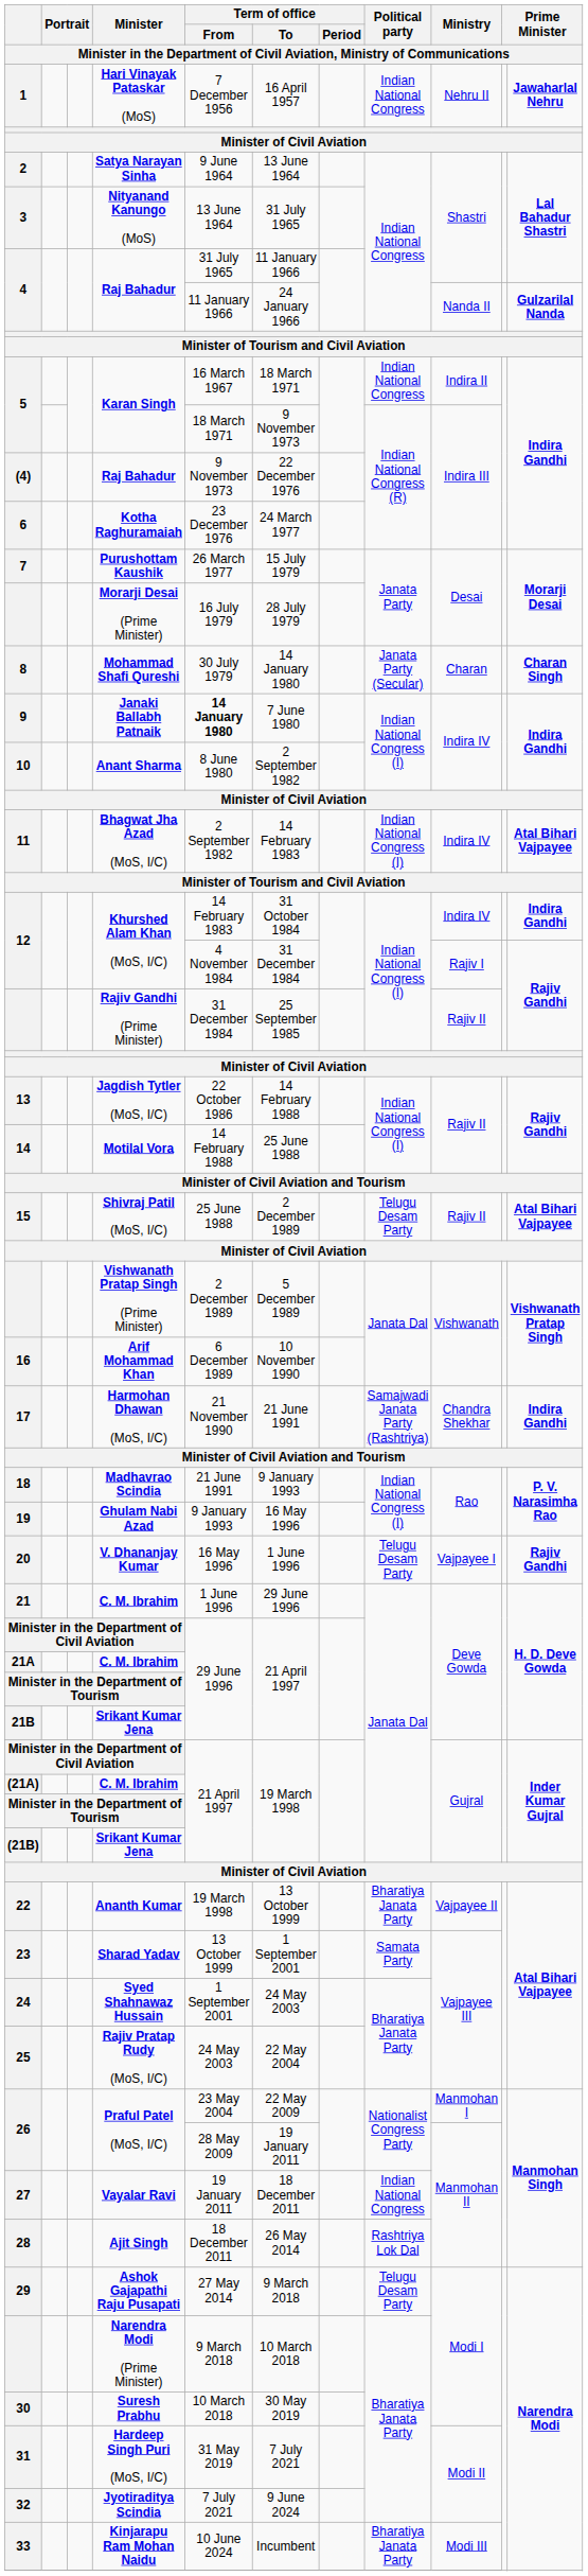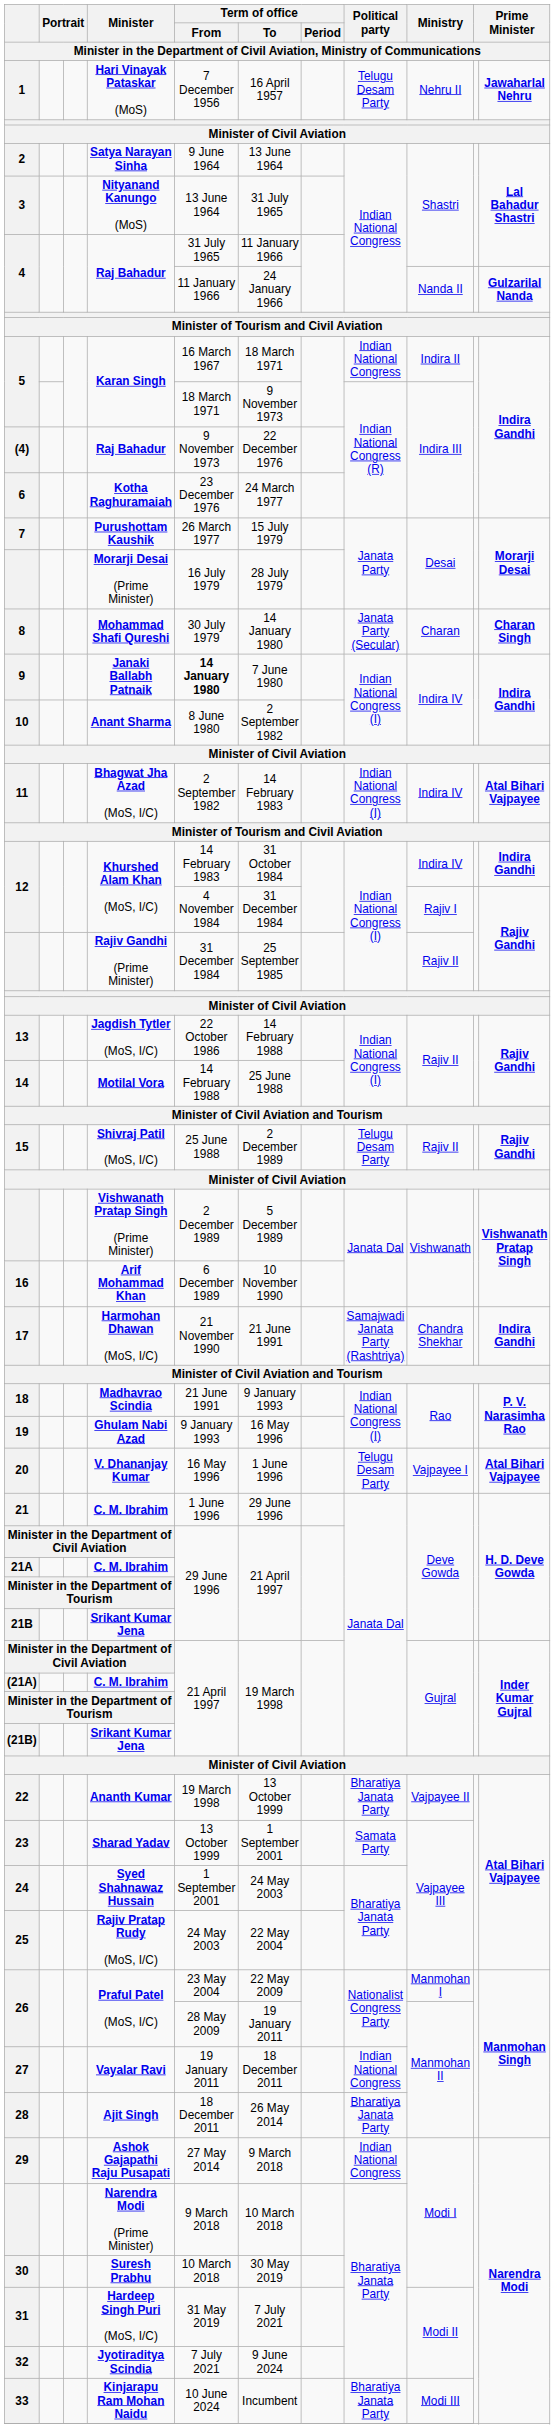 <table class="wikitable" style="text-align:center">
 <tr>
 <th rowspan="2"></th>
 <th rowspan="2" colspan="2">Portrait</th>
 <th rowspan="2" style="width:18em">Minister<br></th>
 <th colspan="3">Term of office</th>
 <th rowspan="2" style="width:8em">Political party</th>
 <th rowspan="2" style="width:6em">Ministry</th>
 <th rowspan="2" colspan="2">Prime Minister</th>
 </tr>
 <tr>
 <th style="width:8em">From</th>
 <th style="width:8em">To</th>
 <th style="width:6em">Period</th>
 </tr>
 <tr>
 <th colspan="11">Minister in the Department of Civil Aviation, Ministry of Communications</th>
 </tr>
 <tr>
 <th>1</th>
 <td style="background:"></td>
 <td></td>
 <td><strong><a href='#'>Hari Vinayak Pataskar</a></strong><br><br>(MoS)</td>
 <td>7 December<br>1956</td>
 <td>16 April<br>1957</td>
 <td><strong></strong></td>
-<td><a href='#'>Indian National Congress</a></td>
+<td><a href='#'>Telugu Desam Party</a></td>
 <td><a href='#'>Nehru II</a></td>
 <td style="background:"></td>
 <td style="width:9em"><strong><a href='#'>Jawaharlal Nehru</a></strong></td>
 </tr>
 <tr>
 <th colspan="11"></th>
 </tr>
 <tr>
 <th colspan="11">Minister of Civil Aviation</th>
 </tr>
 <tr>
 <th>2</th>
 <td style="background:"></td>
 <td></td>
 <td><strong><a href='#'>Satya Narayan Sinha</a></strong><br></td>
 <td>9 June<br>1964</td>
 <td>13 June<br>1964</td>
 <td><strong></strong></td>
 <td rowspan="4"><a href='#'>Indian National Congress</a></td>
 <td rowspan="3"><a href='#'>Shastri</a></td>
 <td rowspan="3" style="background:"></td>
 <td rowspan="3"><strong><a href='#'>Lal Bahadur Shastri</a></strong></td>
 </tr>
 <tr>
 <th>3</th>
 <td style="background:"></td>
 <td></td>
 <td><strong><a href='#'>Nityanand Kanungo</a></strong><br><br>(MoS)</td>
 <td>13 June<br>1964</td>
 <td>31 July<br>1965</td>
 <td><strong></strong></td>
 </tr>
 <tr>
 <th rowspan="2">4</th>
 <td rowspan="2" style="background:"></td>
 <td rowspan="2"></td>
 <td rowspan="2"><strong><a href='#'>Raj Bahadur</a></strong><br></td>
 <td>31 July<br>1965</td>
 <td>11 January<br>1966</td>
 <td rowspan="2"><strong></strong></td>
 </tr>
 <tr>
 <td>11 January<br>1966</td>
 <td>24 January<br>1966</td>
 <td><a href='#'>Nanda II</a></td>
 <td style="background:"></td>
 <td><strong><a href='#'>Gulzarilal Nanda</a></strong></td>
 </tr>
 <tr>
 <th colspan="11"></th>
 </tr>
 <tr>
 <th colspan="11">Minister of Tourism and Civil Aviation</th>
 </tr>
 <tr>
 <th rowspan="2">5</th>
 <td style="background:"></td>
 <td rowspan="2"></td>
 <td rowspan="2"><strong><a href='#'>Karan Singh</a></strong><br></td>
 <td>16 March<br>1967</td>
 <td>18 March<br>1971</td>
 <td rowspan="2"><strong></strong></td>
 <td><a href='#'>Indian National Congress</a></td>
 <td><a href='#'>Indira II</a></td>
 <td rowspan="4" style="background:"></td>
 <td rowspan="4"><strong><a href='#'>Indira Gandhi</a></strong></td>
 </tr>
 <tr>
 <td style="background:"></td>
 <td>18 March<br>1971</td>
 <td>9 November<br>1973</td>
 <td rowspan="3"><a href='#'>Indian National Congress (R)</a></td>
 <td rowspan="3"><a href='#'>Indira III</a></td>
 </tr>
 <tr>
 <th>(4)</th>
 <td style="background:"></td>
 <td></td>
 <td><strong><a href='#'>Raj Bahadur</a></strong><br></td>
 <td>9 November<br>1973</td>
 <td>22 December<br>1976</td>
 <td><strong></strong></td>
 </tr>
 <tr>
 <th>6</th>
 <td style="background:"></td>
 <td></td>
 <td><strong><a href='#'>Kotha Raghuramaiah</a></strong><br></td>
 <td>23 December<br>1976</td>
 <td>24 March<br>1977</td>
 <td><strong></strong></td>
 </tr>
 <tr>
 <th>7</th>
 <td style="background:"></td>
 <td></td>
 <td><strong><a href='#'>Purushottam Kaushik</a></strong><br></td>
 <td>26 March<br>1977</td>
 <td>15 July<br>1979</td>
 <td><strong></strong></td>
 <td rowspan="2"><a href='#'>Janata Party</a></td>
 <td rowspan="2"><a href='#'>Desai</a></td>
 <td rowspan="2" style="background:"></td>
 <td rowspan="2"><strong><a href='#'>Morarji Desai</a></strong></td>
 </tr>
 <tr>
 <th></th>
 <td style="background:"></td>
 <td></td>
 <td><strong><a href='#'>Morarji Desai</a></strong><br><br>(Prime Minister)</td>
 <td>16 July<br>1979</td>
 <td>28 July<br>1979</td>
 <td><strong></strong></td>
 </tr>
 <tr>
 <th>8</th>
 <td style="background:"></td>
 <td></td>
 <td><strong><a href='#'>Mohammad Shafi Qureshi</a></strong><br></td>
 <td>30 July<br>1979</td>
 <td>14 January<br>1980</td>
 <td><strong></strong></td>
 <td><a href='#'>Janata Party (Secular)</a></td>
 <td><a href='#'>Charan</a></td>
 <td style="background:"></td>
 <td><strong><a href='#'>Charan Singh</a></strong></td>
 </tr>
 <tr>
 <th>9</th>
 <td style="background:"></td>
 <td></td>
 <td><strong><a href='#'>Janaki Ballabh Patnaik</a></strong><br></td>
 <td><strong>14 January<br>1980</strong></td>
 <td>7 June<br>1980</td>
 <td><strong></strong></td>
 <td rowspan="2"><a href='#'>Indian National Congress (I)</a></td>
 <td rowspan="2"><a href='#'>Indira IV</a></td>
 <td rowspan="2" style="background:"></td>
 <td rowspan="2"><strong><a href='#'>Indira Gandhi</a></strong></td>
 </tr>
 <tr>
 <th>10</th>
 <td style="background:"></td>
 <td></td>
 <td><strong><a href='#'>Anant Sharma</a></strong><br></td>
 <td>8 June<br>1980</td>
 <td>2 September<br>1982</td>
 <td><strong></strong></td>
 </tr>
 <tr>
 <th colspan="11">Minister of Civil Aviation</th>
 </tr>
 <tr>
 <th>11</th>
 <td style="background:"></td>
 <td></td>
 <td><strong><a href='#'>Bhagwat Jha Azad</a></strong><br><br>(MoS, I/C)</td>
 <td>2 September<br>1982</td>
 <td>14 February<br>1983</td>
 <td><strong></strong></td>
 <td><a href='#'>Indian National Congress (I)</a></td>
 <td><a href='#'>Indira IV</a></td>
 <td style="background:"></td>
 <td><strong><a href='#'>Atal Bihari Vajpayee</a></strong></td>
 </tr>
 <tr>
 <th colspan="11">Minister of Tourism and Civil Aviation</th>
 </tr>
 <tr>
 <th rowspan="2">12</th>
 <td rowspan="2" style="background:"></td>
 <td rowspan="2"></td>
 <td rowspan="2"><strong><a href='#'>Khurshed Alam Khan</a></strong><br><br>(MoS, I/C)</td>
 <td>14 February<br>1983</td>
 <td>31 October<br>1984</td>
 <td rowspan="2"><strong></strong></td>
 <td rowspan="3"><a href='#'>Indian National Congress (I)</a></td>
 <td><a href='#'>Indira IV</a></td>
 <td style="background:"></td>
 <td><strong><a href='#'>Indira Gandhi</a></strong></td>
 </tr>
 <tr>
 <td>4 November<br>1984</td>
 <td>31 December<br>1984</td>
 <td><a href='#'>Rajiv I</a></td>
 <td rowspan="2" style="background:"></td>
 <td rowspan="2"><strong><a href='#'>Rajiv Gandhi</a></strong></td>
 </tr>
 <tr>
 <th></th>
 <td style="background:"></td>
 <td></td>
 <td><strong><a href='#'>Rajiv Gandhi</a></strong><br><br>(Prime Minister)</td>
 <td>31 December<br>1984</td>
 <td>25 September<br>1985</td>
 <td><strong></strong></td>
 <td><a href='#'>Rajiv II</a></td>
 </tr>
 <tr>
 <th colspan="11"></th>
 </tr>
 <tr>
 <th colspan="11">Minister of Civil Aviation</th>
 </tr>
 <tr>
 <th>13</th>
 <td style="background:"></td>
 <td></td>
 <td><strong><a href='#'>Jagdish Tytler</a></strong><br><br>(MoS, I/C)</td>
 <td>22 October<br>1986</td>
 <td>14 February<br>1988</td>
 <td><strong></strong></td>
 <td rowspan="2"><a href='#'>Indian National Congress (I)</a></td>
 <td rowspan="2"><a href='#'>Rajiv II</a></td>
 <td rowspan="2" style="background:"></td>
 <td rowspan="2"><strong><a href='#'>Rajiv Gandhi</a></strong></td>
 </tr>
 <tr>
 <th>14</th>
 <td style="background:"></td>
 <td></td>
 <td><strong><a href='#'>Motilal Vora</a></strong><br></td>
 <td>14 February<br>1988</td>
 <td>25 June<br>1988</td>
 <td><strong></strong></td>
 </tr>
 <tr>
 <th colspan="11">Minister of Civil Aviation and Tourism</th>
 </tr>
 <tr>
 <th>15</th>
 <td style="background:"></td>
 <td></td>
 <td><strong><a href='#'>Shivraj Patil</a></strong><br><br>(MoS, I/C)</td>
 <td>25 June<br>1988</td>
 <td>2 December<br>1989</td>
 <td><strong></strong></td>
 <td><a href='#'>Telugu Desam Party</a></td>
 <td><a href='#'>Rajiv II</a></td>
 <td style="background:"></td>
-<td><strong><a href='#'>Atal Bihari Vajpayee</a></strong></td>
+<td><strong><a href='#'>Rajiv Gandhi</a></strong></td>
 </tr>
 <tr>
 <th colspan="11">Minister of Civil Aviation</th>
 </tr>
 <tr>
 <th></th>
 <td style="background:"></td>
 <td></td>
 <td><strong><a href='#'>Vishwanath Pratap Singh</a></strong><br><br>(Prime Minister)</td>
 <td>2 December<br>1989</td>
 <td>5 December<br>1989</td>
 <td><strong></strong></td>
 <td rowspan="2"><a href='#'>Janata Dal</a></td>
 <td rowspan="2"><a href='#'>Vishwanath</a></td>
 <td rowspan="2" style="background:"></td>
 <td rowspan="2"><strong><a href='#'>Vishwanath Pratap Singh</a></strong></td>
 </tr>
 <tr>
 <th>16</th>
 <td style="background:"></td>
 <td></td>
 <td><strong><a href='#'>Arif Mohammad Khan</a></strong><br></td>
 <td>6 December<br>1989</td>
 <td>10 November<br>1990</td>
 <td><strong></strong></td>
 </tr>
 <tr>
 <th>17</th>
 <td style="background:"></td>
 <td></td>
 <td><strong><a href='#'>Harmohan Dhawan</a></strong><br><br>(MoS, I/C)</td>
 <td>21 November<br>1990</td>
 <td>21 June<br>1991</td>
 <td><strong></strong></td>
 <td><a href='#'>Samajwadi Janata Party (Rashtriya)</a></td>
 <td><a href='#'>Chandra Shekhar</a></td>
 <td style="background:"></td>
 <td><strong><a href='#'>Indira Gandhi</a></strong></td>
 </tr>
 <tr>
 <th colspan="11">Minister of Civil Aviation and Tourism</th>
 </tr>
 <tr>
 <th>18</th>
 <td style="background:"></td>
 <td></td>
 <td><strong><a href='#'>Madhavrao Scindia</a></strong><br></td>
 <td>21 June<br>1991</td>
 <td>9 January<br>1993</td>
 <td><strong></strong></td>
 <td rowspan="2"><a href='#'>Indian National Congress (I)</a></td>
 <td rowspan="2"><a href='#'>Rao</a></td>
 <td rowspan="2" style="background:"></td>
 <td rowspan="2"><strong><a href='#'>P. V. Narasimha Rao</a></strong></td>
 </tr>
 <tr>
 <th>19</th>
 <td style="background:"></td>
 <td></td>
 <td><strong><a href='#'>Ghulam Nabi Azad</a></strong><br></td>
 <td>9 January<br>1993</td>
 <td>16 May<br>1996</td>
 <td><strong></strong></td>
 </tr>
 <tr>
 <th>20</th>
 <td style="background:"></td>
 <td></td>
 <td><strong><a href='#'>V. Dhananjay Kumar</a></strong><br></td>
 <td>16 May<br>1996</td>
 <td>1 June<br>1996</td>
 <td><strong></strong></td>
 <td><a href='#'>Telugu Desam Party</a></td>
 <td><a href='#'>Vajpayee I</a></td>
 <td style="background:"></td>
-<td><strong><a href='#'>Rajiv Gandhi</a></strong></td>
+<td><strong><a href='#'>Atal Bihari Vajpayee</a></strong></td>
 </tr>
 <tr>
 <th>21</th>
 <td style="background:"></td>
 <td></td>
 <td><strong><a href='#'>C. M. Ibrahim</a></strong><br></td>
 <td>1 June<br>1996</td>
 <td>29 June<br>1996</td>
 <td><strong></strong></td>
 <td rowspan="9"><a href='#'>Janata Dal</a></td>
 <td rowspan="5"><a href='#'>Deve Gowda</a></td>
 <td rowspan="5" style="background:"></td>
 <td rowspan="5"><strong><a href='#'>H. D. Deve Gowda</a></strong></td>
 </tr>
 <tr>
 <th colspan="4">Minister in the Department of Civil Aviation</th>
 <td rowspan="4">29 June<br>1996</td>
 <td rowspan="4">21 April<br>1997</td>
 <td rowspan="4"><strong></strong></td>
 </tr>
 <tr>
 <th>21A</th>
 <td style="background:"></td>
 <td></td>
 <td><strong><a href='#'>C. M. Ibrahim</a></strong><br></td>
 </tr>
 <tr>
 <th colspan="4">Minister in the Department of Tourism</th>
 </tr>
 <tr>
 <th>21B</th>
 <td style="background:"></td>
 <td></td>
 <td><strong><a href='#'>Srikant Kumar Jena</a></strong><br></td>
 </tr>
 <tr>
 <th colspan="4">Minister in the Department of Civil Aviation</th>
 <td rowspan="4">21 April<br>1997</td>
 <td rowspan="4">19 March<br>1998</td>
 <td rowspan="4"><strong></strong></td>
 <td rowspan="4"><a href='#'>Gujral</a></td>
 <td rowspan="4" style="background:"></td>
 <td rowspan="4"><strong><a href='#'>Inder Kumar Gujral</a></strong></td>
 </tr>
 <tr>
 <th>(21A)</th>
 <td style="background:"></td>
 <td></td>
 <td><strong><a href='#'>C. M. Ibrahim</a></strong><br></td>
 </tr>
 <tr>
 <th colspan="4">Minister in the Department of Tourism</th>
 </tr>
 <tr>
 <th>(21B)</th>
 <td style="background:"></td>
 <td></td>
 <td><strong><a href='#'>Srikant Kumar Jena</a></strong><br></td>
 </tr>
 <tr>
 <th colspan="11">Minister of Civil Aviation</th>
 </tr>
 <tr>
 <th>22</th>
 <td style="background:"></td>
 <td></td>
 <td><strong><a href='#'>Ananth Kumar</a></strong><br></td>
 <td>19 March<br>1998</td>
 <td>13 October<br>1999</td>
 <td><strong></strong></td>
 <td><a href='#'>Bharatiya Janata Party</a></td>
 <td><a href='#'>Vajpayee II</a></td>
 <td rowspan="4" style="background:"></td>
 <td rowspan="4"><strong><a href='#'>Atal Bihari Vajpayee</a></strong></td>
 </tr>
 <tr>
 <th>23</th>
 <td style="background:"></td>
 <td></td>
 <td><strong><a href='#'>Sharad Yadav</a></strong><br></td>
 <td>13 October<br>1999</td>
 <td>1 September<br>2001</td>
 <td><strong></strong></td>
 <td><a href='#'>Samata Party</a></td>
 <td rowspan="3"><a href='#'>Vajpayee III</a></td>
 </tr>
 <tr>
 <th>24</th>
 <td style="background:"></td>
 <td></td>
 <td><strong><a href='#'>Syed Shahnawaz Hussain</a></strong><br></td>
 <td>1 September<br>2001</td>
 <td>24 May<br>2003</td>
 <td><strong></strong></td>
 <td rowspan="2"><a href='#'>Bharatiya Janata Party</a></td>
 </tr>
 <tr>
 <th>25</th>
 <td style="background:"></td>
 <td></td>
 <td><strong><a href='#'>Rajiv Pratap Rudy</a></strong><br><br>(MoS, I/C)</td>
 <td>24 May<br>2003</td>
 <td>22 May<br>2004</td>
 <td><strong></strong></td>
 </tr>
 <tr>
 <th rowspan="2">26</th>
 <td rowspan="2" style="background:"></td>
 <td rowspan="2"></td>
 <td rowspan="2"><strong><a href='#'>Praful Patel</a></strong><br><br>(MoS, I/C)</td>
 <td>23 May<br>2004</td>
 <td>22 May<br>2009</td>
 <td rowspan="2"><strong></strong></td>
 <td rowspan="2"><a href='#'>Nationalist Congress Party</a></td>
 <td><a href='#'>Manmohan I</a></td>
 <td rowspan="4" style="background:"></td>
 <td rowspan="4"><strong><a href='#'>Manmohan Singh</a></strong></td>
 </tr>
 <tr>
 <td>28 May<br>2009</td>
 <td>19 January<br>2011</td>
 <td rowspan="3"><a href='#'>Manmohan II</a></td>
 </tr>
 <tr>
 <th>27</th>
 <td style="background:"></td>
 <td></td>
 <td><strong><a href='#'>Vayalar Ravi</a></strong><br></td>
 <td>19 January<br>2011</td>
 <td>18 December<br>2011</td>
 <td><strong></strong></td>
 <td><a href='#'>Indian National Congress</a></td>
 </tr>
 <tr>
 <th>28</th>
 <td style="background:"></td>
 <td></td>
 <td><strong><a href='#'>Ajit Singh</a></strong><br></td>
 <td>18 December<br>2011</td>
 <td>26 May<br>2014</td>
 <td><strong></strong></td>
-<td><a href='#'>Rashtriya Lok Dal</a></td>
+<td><a href='#'>Bharatiya Janata Party</a></td>
 </tr>
 <tr>
 <th>29</th>
 <td style="background:"></td>
 <td></td>
 <td><strong><a href='#'>Ashok Gajapathi Raju Pusapati</a></strong><br></td>
 <td>27 May<br>2014</td>
 <td>9 March<br>2018</td>
 <td><strong></strong></td>
-<td><a href='#'>Telugu Desam Party</a></td>
+<td><a href='#'>Indian National Congress</a></td>
 <td rowspan="3"><a href='#'>Modi I</a></td>
 <td rowspan="7" style="background:"></td>
 <td rowspan="7"><strong><a href='#'>Narendra Modi</a></strong></td>
 </tr>
 <tr>
 <th></th>
 <td style="background:"></td>
 <td></td>
 <td><strong><a href='#'>Narendra Modi</a></strong><br><br>(Prime Minister)</td>
 <td>9 March<br>2018</td>
 <td>10 March<br>2018</td>
 <td><strong></strong></td>
 <td rowspan="4"><a href='#'>Bharatiya Janata Party</a></td>
 </tr>
 <tr>
 <th>30</th>
 <td style="background:"></td>
 <td></td>
 <td><strong><a href='#'>Suresh Prabhu</a></strong><br></td>
 <td>10 March<br>2018</td>
 <td>30 May<br>2019</td>
 <td><strong></strong></td>
 </tr>
 <tr>
 <th>31</th>
 <td style="background:"></td>
 <td></td>
 <td><strong><a href='#'>Hardeep Singh Puri</a></strong><br><br>(MoS, I/C)</td>
 <td>31 May<br>2019</td>
 <td>7 July<br>2021</td>
 <td><strong></strong></td>
 <td rowspan="2"><a href='#'>Modi II</a></td>
 </tr>
 <tr>
 <th>32</th>
 <td style="background:"></td>
 <td></td>
 <td><strong><a href='#'>Jyotiraditya Scindia</a></strong><br></td>
 <td>7 July<br>2021</td>
 <td>9 June<br>2024</td>
 <td><strong></strong></td>
 </tr>
 <tr>
 <th>33</th>
 <td style="background:"></td>
 <td></td>
 <td><strong><a href='#'>Kinjarapu Ram Mohan Naidu</a></strong><br></td>
 <td>10 June<br>2024</td>
 <td>Incumbent</td>
 <td><strong></strong></td>
 <td><a href='#'>Bharatiya Janata Party</a></td>
 <td><a href='#'>Modi III</a></td>
 </tr>
 <tr>
 </tr>
 </table>
